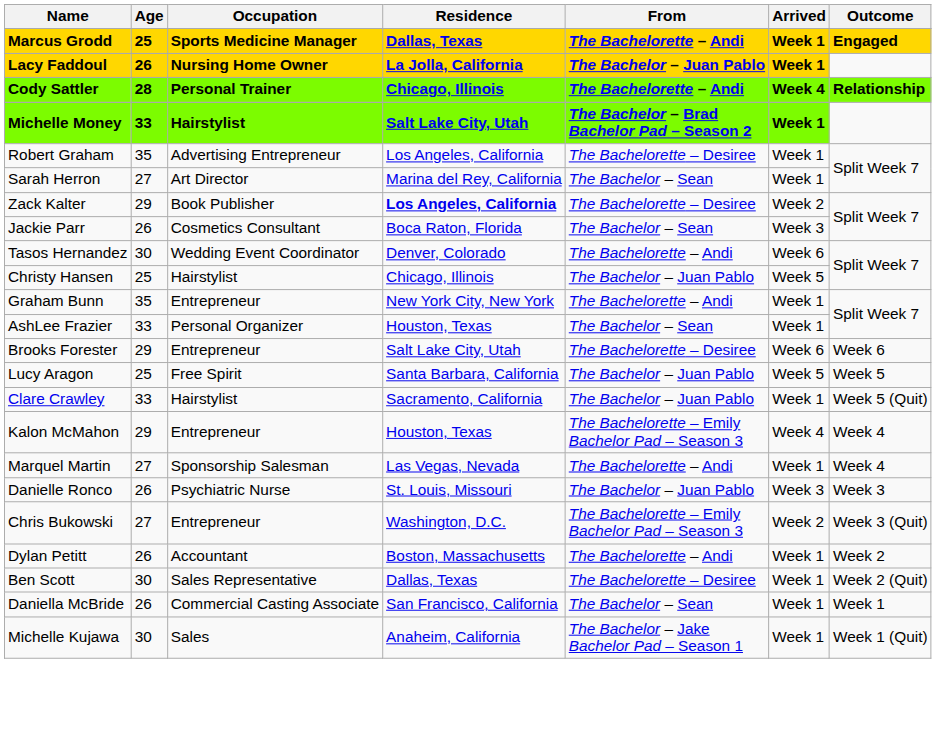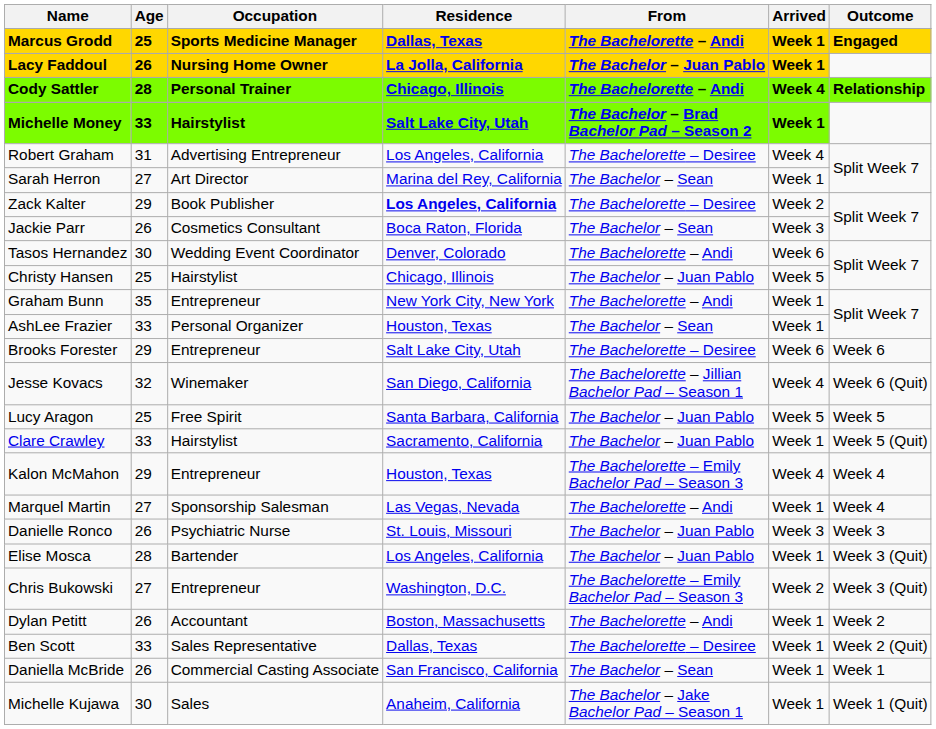 <table class="wikitable sortable" style="text-align:left;">
 <tr>
 <th>Name</th>
 <th>Age</th>
 <th>Occupation</th>
 <th>Residence</th>
 <th>From</th>
 <th>Arrived</th>
 <th>Outcome</th>
 </tr>
 <tr>
 </tr>
 <tr bgcolor="gold">
 <td><strong>Marcus Grodd</strong></td>
 <td><strong>25</strong></td>
 <td><strong>Sports Medicine Manager</strong></td>
 <td><strong><a href='#'>Dallas, Texas</a></strong></td>
 <td><strong><a href='#'><em>The Bachelorette</em></a> – <a href='#'>Andi</a></strong></td>
 <td><strong>Week 1</strong></td>
 <td rowspan="2"><strong>Engaged</strong></td>
 </tr>
 <tr>
 </tr>
 <tr bgcolor="gold">
 <td><strong>Lacy Faddoul</strong></td>
 <td><strong>26</strong></td>
 <td><strong>Nursing Home Owner</strong></td>
 <td><strong><a href='#'>La Jolla, California</a></strong></td>
 <td><strong><a href='#'><em>The Bachelor</em></a> – <a href='#'>Juan Pablo</a></strong></td>
 <td><strong>Week 1</strong></td>
 </tr>
 <tr>
 </tr>
 <tr bgcolor="#7CFC00">
 <td><strong>Cody Sattler</strong></td>
 <td><strong>28</strong></td>
 <td><strong>Personal Trainer</strong></td>
 <td><strong><a href='#'>Chicago, Illinois</a></strong></td>
 <td><strong><a href='#'><em>The Bachelorette</em></a> – <a href='#'>Andi</a></strong></td>
 <td><strong>Week 4</strong></td>
 <td rowspan="2"><strong>Relationship</strong></td>
 </tr>
 <tr>
 </tr>
 <tr bgcolor="#7CFC00">
 <td><strong>Michelle Money</strong></td>
 <td><strong>33</strong></td>
 <td><strong>Hairstylist</strong></td>
 <td><strong><a href='#'>Salt Lake City, Utah</a></strong></td>
 <td><strong><a href='#'><em>The Bachelor</em></a> – <a href='#'>Brad</a><br><a href='#'><em>Bachelor Pad</em> – Season 2</a></strong></td>
 <td><strong>Week 1</strong></td>
 </tr>
 <tr>
 <td>Robert Graham</td>
-<td>35</td>
+<td>31</td>
 <td>Advertising Entrepreneur</td>
 <td><a href='#'>Los Angeles, California</a></td>
 <td><a href='#'><em>The Bachelorette</em> – Desiree</a></td>
-<td>Week 1</td>
+<td>Week 4</td>
 <td rowspan="2">Split Week 7</td>
 </tr>
 <tr>
 <td>Sarah Herron</td>
 <td>27</td>
 <td>Art Director</td>
 <td><a href='#'>Marina del Rey, California</a></td>
 <td><a href='#'><em>The Bachelor</em></a> – <a href='#'>Sean</a></td>
 <td>Week 1</td>
 </tr>
 <tr>
 <td>Zack Kalter</td>
 <td>29</td>
 <td>Book Publisher</td>
 <td><strong><a href='#'>Los Angeles, California</a></strong></td>
 <td><a href='#'><em>The Bachelorette</em> – Desiree</a></td>
 <td>Week 2</td>
 <td rowspan="2">Split Week 7</td>
 </tr>
 <tr>
 <td>Jackie Parr</td>
 <td>26</td>
 <td>Cosmetics Consultant</td>
 <td><a href='#'>Boca Raton, Florida</a></td>
 <td><a href='#'><em>The Bachelor</em></a> – <a href='#'>Sean</a></td>
 <td>Week 3</td>
 </tr>
 <tr>
 <td>Tasos Hernandez</td>
 <td>30</td>
 <td>Wedding Event Coordinator</td>
 <td><a href='#'>Denver, Colorado</a></td>
 <td><a href='#'><em>The Bachelorette</em></a> – <a href='#'>Andi</a></td>
 <td>Week 6</td>
 <td rowspan="2">Split Week 7</td>
 </tr>
 <tr>
 <td>Christy Hansen</td>
 <td>25</td>
 <td>Hairstylist</td>
 <td><a href='#'>Chicago, Illinois</a></td>
 <td><a href='#'><em>The Bachelor</em></a> – <a href='#'>Juan Pablo</a></td>
 <td>Week 5</td>
 </tr>
 <tr>
 <td>Graham Bunn</td>
 <td>35</td>
 <td>Entrepreneur</td>
 <td><a href='#'>New York City, New York</a></td>
 <td><a href='#'><em>The Bachelorette</em></a> – <a href='#'>Andi</a></td>
 <td>Week 1</td>
 <td rowspan="2">Split Week 7</td>
 </tr>
 <tr>
 <td>AshLee Frazier</td>
 <td>33</td>
 <td>Personal Organizer</td>
 <td><a href='#'>Houston, Texas</a></td>
 <td><a href='#'><em>The Bachelor</em></a> – <a href='#'>Sean</a></td>
 <td>Week 1</td>
 </tr>
 <tr>
 <td>Brooks Forester</td>
 <td>29</td>
 <td>Entrepreneur</td>
 <td><a href='#'>Salt Lake City, Utah</a></td>
 <td><a href='#'><em>The Bachelorette</em> – Desiree</a></td>
 <td>Week 6</td>
 <td>Week 6</td>
 </tr>
 <tr>
+<td>Jesse Kovacs</td>
+<td>32</td>
+<td>Winemaker</td>
+<td><a href='#'>San Diego, California</a></td>
+<td><a href='#'><em>The Bachelorette</em></a> – <a href='#'>Jillian</a><br><a href='#'><em>Bachelor Pad</em> – Season 1</a></td>
+<td>Week 4</td>
+<td>Week 6 (Quit)</td>
+</tr>
+<tr>
 <td>Lucy Aragon</td>
 <td>25</td>
 <td>Free Spirit</td>
 <td><a href='#'>Santa Barbara, California</a></td>
 <td><a href='#'><em>The Bachelor</em></a> – <a href='#'>Juan Pablo</a></td>
 <td>Week 5</td>
 <td>Week 5</td>
 </tr>
 <tr>
 <td><a href='#'>Clare Crawley</a></td>
 <td>33</td>
 <td>Hairstylist</td>
 <td><a href='#'>Sacramento, California</a></td>
 <td><a href='#'><em>The Bachelor</em></a> – <a href='#'>Juan Pablo</a></td>
 <td>Week 1</td>
 <td>Week 5 (Quit)</td>
 </tr>
 <tr>
 <td>Kalon McMahon</td>
 <td>29</td>
 <td>Entrepreneur</td>
 <td><a href='#'>Houston, Texas</a></td>
 <td><a href='#'><em>The Bachelorette</em> – Emily</a><br><a href='#'><em>Bachelor Pad</em> – Season 3</a></td>
 <td>Week 4</td>
 <td>Week 4</td>
 </tr>
 <tr>
 <td>Marquel Martin</td>
 <td>27</td>
 <td>Sponsorship Salesman</td>
 <td><a href='#'>Las Vegas, Nevada</a></td>
 <td><a href='#'><em>The Bachelorette</em></a> – <a href='#'>Andi</a></td>
 <td>Week 1</td>
 <td>Week 4</td>
 </tr>
 <tr>
 <td>Danielle Ronco</td>
 <td>26</td>
 <td>Psychiatric Nurse</td>
 <td><a href='#'>St. Louis, Missouri</a></td>
 <td><a href='#'><em>The Bachelor</em></a> – <a href='#'>Juan Pablo</a></td>
 <td>Week 3</td>
 <td>Week 3</td>
 </tr>
 <tr>
+<td>Elise Mosca</td>
+<td>28</td>
+<td>Bartender</td>
+<td><a href='#'>Los Angeles, California</a></td>
+<td><a href='#'><em>The Bachelor</em></a> – <a href='#'>Juan Pablo</a></td>
+<td>Week 1</td>
+<td>Week 3 (Quit)</td>
+</tr>
+<tr>
 <td>Chris Bukowski</td>
 <td>27</td>
 <td>Entrepreneur</td>
 <td><a href='#'>Washington, D.C.</a></td>
 <td><a href='#'><em>The Bachelorette</em> – Emily</a><br><a href='#'><em>Bachelor Pad</em> – Season 3</a></td>
 <td>Week 2</td>
 <td>Week 3 (Quit)</td>
 </tr>
 <tr>
 <td>Dylan Petitt</td>
 <td>26</td>
 <td>Accountant</td>
 <td><a href='#'>Boston, Massachusetts</a></td>
 <td><a href='#'><em>The Bachelorette</em></a> – <a href='#'>Andi</a></td>
 <td>Week 1</td>
 <td>Week 2</td>
 </tr>
 <tr>
 <td>Ben Scott</td>
-<td>30</td>
+<td>33</td>
 <td>Sales Representative</td>
 <td><a href='#'>Dallas, Texas</a></td>
 <td><a href='#'><em>The Bachelorette</em> – Desiree</a></td>
 <td>Week 1</td>
 <td>Week 2 (Quit)</td>
 </tr>
 <tr>
 <td>Daniella McBride</td>
 <td>26</td>
 <td>Commercial Casting Associate</td>
 <td><a href='#'>San Francisco, California</a></td>
 <td><a href='#'><em>The Bachelor</em></a> – <a href='#'>Sean</a></td>
 <td>Week 1</td>
 <td>Week 1</td>
 </tr>
 <tr>
 <td>Michelle Kujawa</td>
 <td>30</td>
 <td>Sales</td>
 <td><a href='#'>Anaheim, California</a></td>
 <td><a href='#'><em>The Bachelor</em></a> – <a href='#'>Jake</a><br><a href='#'><em>Bachelor Pad</em> – Season 1</a></td>
 <td>Week 1</td>
 <td>Week 1 (Quit)</td>
 </tr>
 </table>
